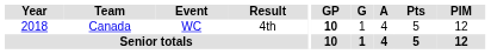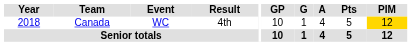 <table border="0" cellpadding="1" cellspacing="0" ID="Table3" style="text-align:center; width:40em;">
 <tr bgcolor="#e0e0e0">
 <th>Year</th>
 <th>Team</th>
 <th>Event</th>
 <th>Result</th>
 <th rowspan="100" bgcolor="#ffffff"></th>
 <th>GP</th>
 <th>G</th>
 <th>A</th>
 <th>Pts</th>
 <th>PIM</th>
 </tr>
 <tr>
 <td><a href='#'>2018</a></td>
 <td><a href='#'>Canada</a></td>
 <td><a href='#'>WC</a></td>
 <td>4th</td>
-<td><strong>10</strong></td>
+<td>10</td>
 <td>1</td>
 <td>4</td>
 <td>5</td>
-<td>12</td>
+<td style="background: gold;">12</td>
 </tr>
 <tr bgcolor="#e0e0e0">
 <th colspan="4">Senior totals</th>
 <th>10</th>
 <th>1</th>
 <th>4</th>
 <th>5</th>
 <th>12</th>
 </tr>
 </table>
